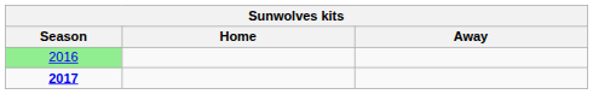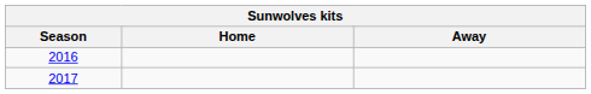 <table class="wikitable sortable" style="text-align:center; font-size:90%; width:40%">
 <tr>
 <th colspan=100%>Sunwolves kits</th>
 </tr>
 <tr>
 <th style="width:20%;">Season</th>
 <th style="width:40%;">Home</th>
 <th style="width:40%;">Away</th>
 </tr>
 <tr>
-<td style="background: lightgreen;"><a href='#'>2016</a></td>
+<td><a href='#'>2016</a></td>
 <td></td>
 <td></td>
 </tr>
 <tr>
-<td><strong><a href='#'>2017</a></strong></td>
+<td><a href='#'>2017</a></td>
 <td></td>
 <td></td>
 </tr>
 </table>
